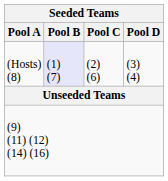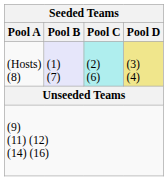 <table class="wikitable">
 <tr>
 <th colspan=4>Seeded Teams</th>
 </tr>
 <tr>
 <th width=25%>Pool A</th>
 <th width=25%>Pool B</th>
 <th width=25%>Pool C</th>
 <th width=25%>Pool D</th>
 </tr>
 <tr>
 <td><br> (Hosts)<br>  (8)</td>
 <td style="background: lavender;"><br> (1)<br>  (7)</td>
-<td><br> (2)<br>  (6)</td>
-<td><br> (3)<br>  (4)</td>
+<td style="background: paleturquoise;"><br> (2)<br>  (6)</td>
+<td style="background: khaki;"><br> (3)<br>  (4)</td>
 </tr>
 <tr>
 <th colspan=4>Unseeded Teams</th>
 </tr>
 <tr>
 <td colspan=4><br>   (9)<br>  (11)   (12)<br>  (14)   (16)<br>   <br>  </td>
 </tr>
 </table>
